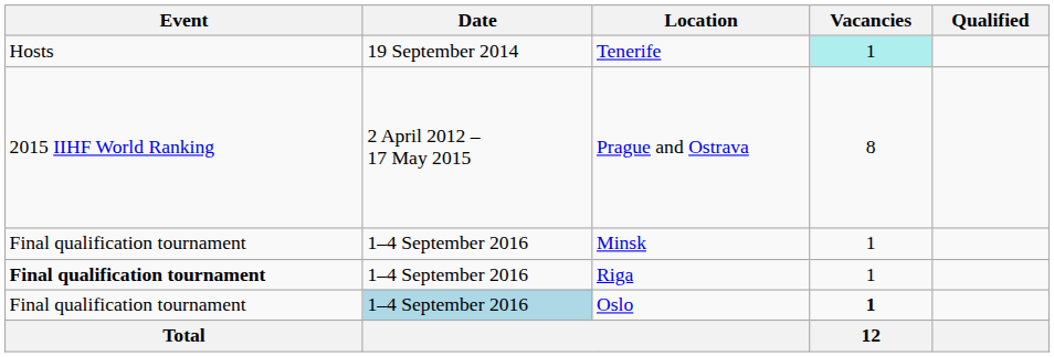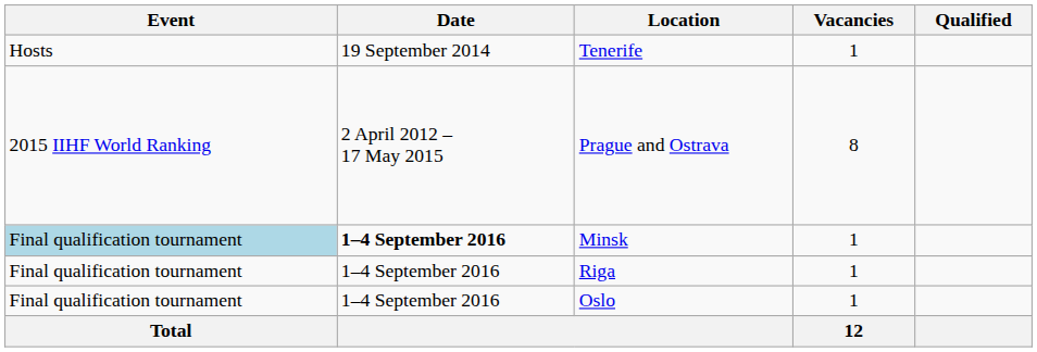 <table class="wikitable" width=860>
 <tr>
 <th>Event</th>
 <th>Date</th>
 <th>Location</th>
 <th>Vacancies</th>
 <th>Qualified</th>
 </tr>
 <tr>
 <td>Hosts</td>
 <td>19 September 2014</td>
 <td> <a href='#'>Tenerife</a></td>
-<td align=center style="background: paleturquoise;">1</td>
+<td align=center>1</td>
 <td></td>
 </tr>
 <tr>
 <td>2015 <a href='#'>IIHF World Ranking</a></td>
 <td>2 April 2012 –<br>17 May 2015</td>
 <td> <a href='#'>Prague</a> and <a href='#'>Ostrava</a></td>
 <td align=center>8</td>
 <td><br><br><br><br><br><br><br></td>
 </tr>
 <tr>
-<td>Final qualification tournament</td>
-<td>1–4 September 2016</td>
+<td style="background: lightblue;">Final qualification tournament</td>
+<td><strong>1–4 September 2016</strong></td>
 <td> <a href='#'>Minsk</a></td>
 <td align=center>1</td>
 <td></td>
 </tr>
 <tr>
-<td><strong>Final qualification tournament</strong></td>
+<td>Final qualification tournament</td>
 <td>1–4 September 2016</td>
 <td> <a href='#'>Riga</a></td>
 <td align=center>1</td>
 <td></td>
 </tr>
 <tr>
 <td>Final qualification tournament</td>
-<td style="background: lightblue;">1–4 September 2016</td>
+<td>1–4 September 2016</td>
 <td> <a href='#'>Oslo</a></td>
-<td align=center><strong>1</strong></td>
+<td align=center>1</td>
 <td></td>
 </tr>
 <tr>
 <th>Total</th>
 <th colspan="2"></th>
 <th>12</th>
 <th></th>
 </tr>
 </table>
